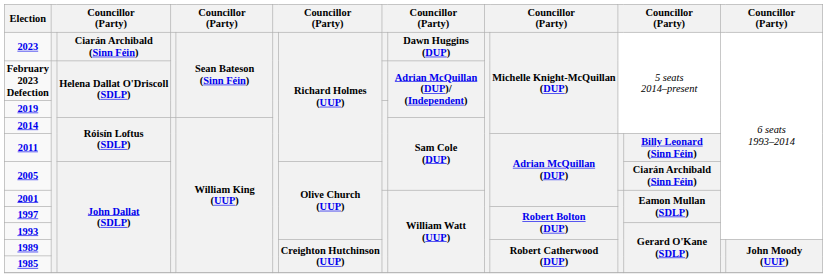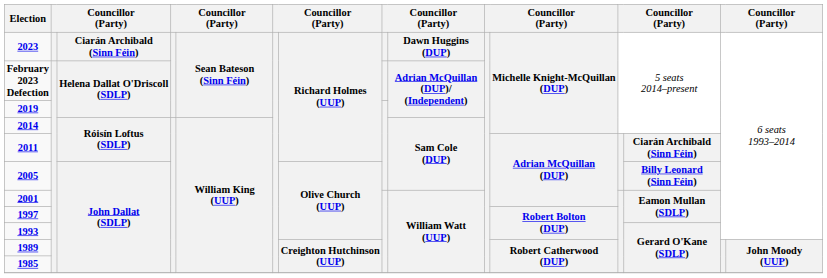 <table class="wikitable" style="text-align:center">
 <tr>
 <th scope="col" width="50">Election</th>
 <th scope="col" width="150" colspan = "2">Councillor<br> (Party)</th>
 <th scope="col" width="150" colspan = "2">Councillor<br> (Party)</th>
 <th scope="col" width="150" colspan = "2">Councillor<br> (Party)</th>
 <th scope="col" width="150" colspan = "2">Councillor<br> (Party)</th>
 <th scope="col" width="150" colspan = "2">Councillor<br> (Party)</th>
 <th scope="col" width="150" colspan = "2">Councillor<br> (Party)</th>
 <th scope="col" width="150" colspan = "2">Councillor<br> (Party)</th>
 </tr>
 <tr>
 <td><strong><a href='#'>2023</a></strong></td>
 <th rowspan="1" width="1" style="background-color: "></th>
 <th rowspan = "1">Ciarán Archibald <br> (<a href='#'>Sinn Féin</a>)</th>
 <th rowspan="3" width="1" style="background-color: "></th>
 <th rowspan = "3">Sean Bateson <br> (<a href='#'>Sinn Féin</a>)</th>
 <th rowspan="11" width="1" style="background-color: "></th>
 <th rowspan = "5">Richard Holmes <br> (<a href='#'>UUP</a>)</th>
 <th rowspan="1" width="1" style="background-color: "></th>
 <th rowspan = "1">Dawn Huggins <br> (<a href='#'>DUP</a>)</th>
 <th rowspan="11" width="1" style="background-color: "></th>
 <th rowspan = "4">Michelle Knight-McQuillan <br> (<a href='#'>DUP</a>)</th>
 <td colspan="2" rowspan="4" style="background-color:#FFFFFF"><em>5 seats<br>2014–present</em></td>
 <td colspan="2" rowspan="9" style="background-color:#FFFFFF"><em>6 seats<br>1993–2014</em></td>
 </tr>
 <tr>
 <td><strong>February 2023 Defection</strong></td>
 <th rowspan="10" width="1" style="background-color: "></th>
 <th rowspan = "2">Helena Dallat O'Driscoll <br> (<a href='#'>SDLP</a>)</th>
 <th rowspan="1" width="1" style="background-color: "></th>
 <th rowspan = "2"><a href='#'>Adrian McQuillan</a> <br> (<a href='#'>DUP</a>)/ <br> (<a href='#'>Independent</a>)</th>
 </tr>
 <tr>
 <td><strong><a href='#'>2019</a></strong></td>
 <th rowspan="4" width="1" style="background-color: "></th>
 </tr>
 <tr>
 <td><strong><a href='#'>2014</a></strong></td>
 <th rowspan = "2">Róisín Loftus <br> (<a href='#'>SDLP</a>)</th>
 <th rowspan="8" width="1" style="background-color: "></th>
 <th rowspan = "8">William King <br> (<a href='#'>UUP</a>)</th>
 <th rowspan = "3">Sam Cole <br> (<a href='#'>DUP</a>)</th>
 </tr>
 <tr>
 <td><strong><a href='#'>2011</a></strong></td>
 <th rowspan = "3"><a href='#'>Adrian McQuillan</a> <br> (<a href='#'>DUP</a>)</th>
 <th rowspan="2" width="1" style="background-color: "></th>
-<th rowspan = "1"><a href='#'>Billy Leonard</a> <br> (<a href='#'>Sinn Féin</a>)</th>
+<th rowspan = "1">Ciarán Archibald <br> (<a href='#'>Sinn Féin</a>)</th>
 </tr>
 <tr>
 <td><strong><a href='#'>2005</a></strong></td>
 <th rowspan = "6"><a href='#'>John Dallat</a> <br> (<a href='#'>SDLP</a>)</th>
 <th rowspan = "4">Olive Church <br> (<a href='#'>UUP</a>)</th>
-<th rowspan = "1">Ciarán Archibald <br> (<a href='#'>Sinn Féin</a>)</th>
+<th rowspan = "1"><a href='#'>Billy Leonard</a> <br> (<a href='#'>Sinn Féin</a>)</th>
 </tr>
 <tr>
 <td><strong><a href='#'>2001</a></strong></td>
 <th rowspan="5" width="1" style="background-color: "></th>
 <th rowspan = "5">William Watt <br> (<a href='#'>UUP</a>)</th>
 <th rowspan="5" width="1" style="background-color: "></th>
 <th rowspan = "2">Eamon Mullan <br> (<a href='#'>SDLP</a>)</th>
 </tr>
 <tr>
 <td><strong><a href='#'>1997</a></strong></td>
 <th rowspan = "2"><a href='#'>Robert Bolton</a> <br> (<a href='#'>DUP</a>)</th>
 </tr>
 <tr>
 <td><strong><a href='#'>1993</a></strong></td>
 <th rowspan = "3">Gerard O'Kane <br> (<a href='#'>SDLP</a>)</th>
 </tr>
 <tr>
 <td><strong><a href='#'>1989</a></strong></td>
 <th rowspan = "2">Creighton Hutchinson <br> (<a href='#'>UUP</a>)</th>
 <th rowspan = "2">Robert Catherwood <br> (<a href='#'>DUP</a>)</th>
 <th rowspan="2" width="1" style="background-color: "></th>
 <th rowspan = "2">John Moody <br> (<a href='#'>UUP</a>)</th>
 </tr>
 <tr>
 <td><strong><a href='#'>1985</a></strong></td>
 </tr>
 <tr>
 </tr>
 </table>
